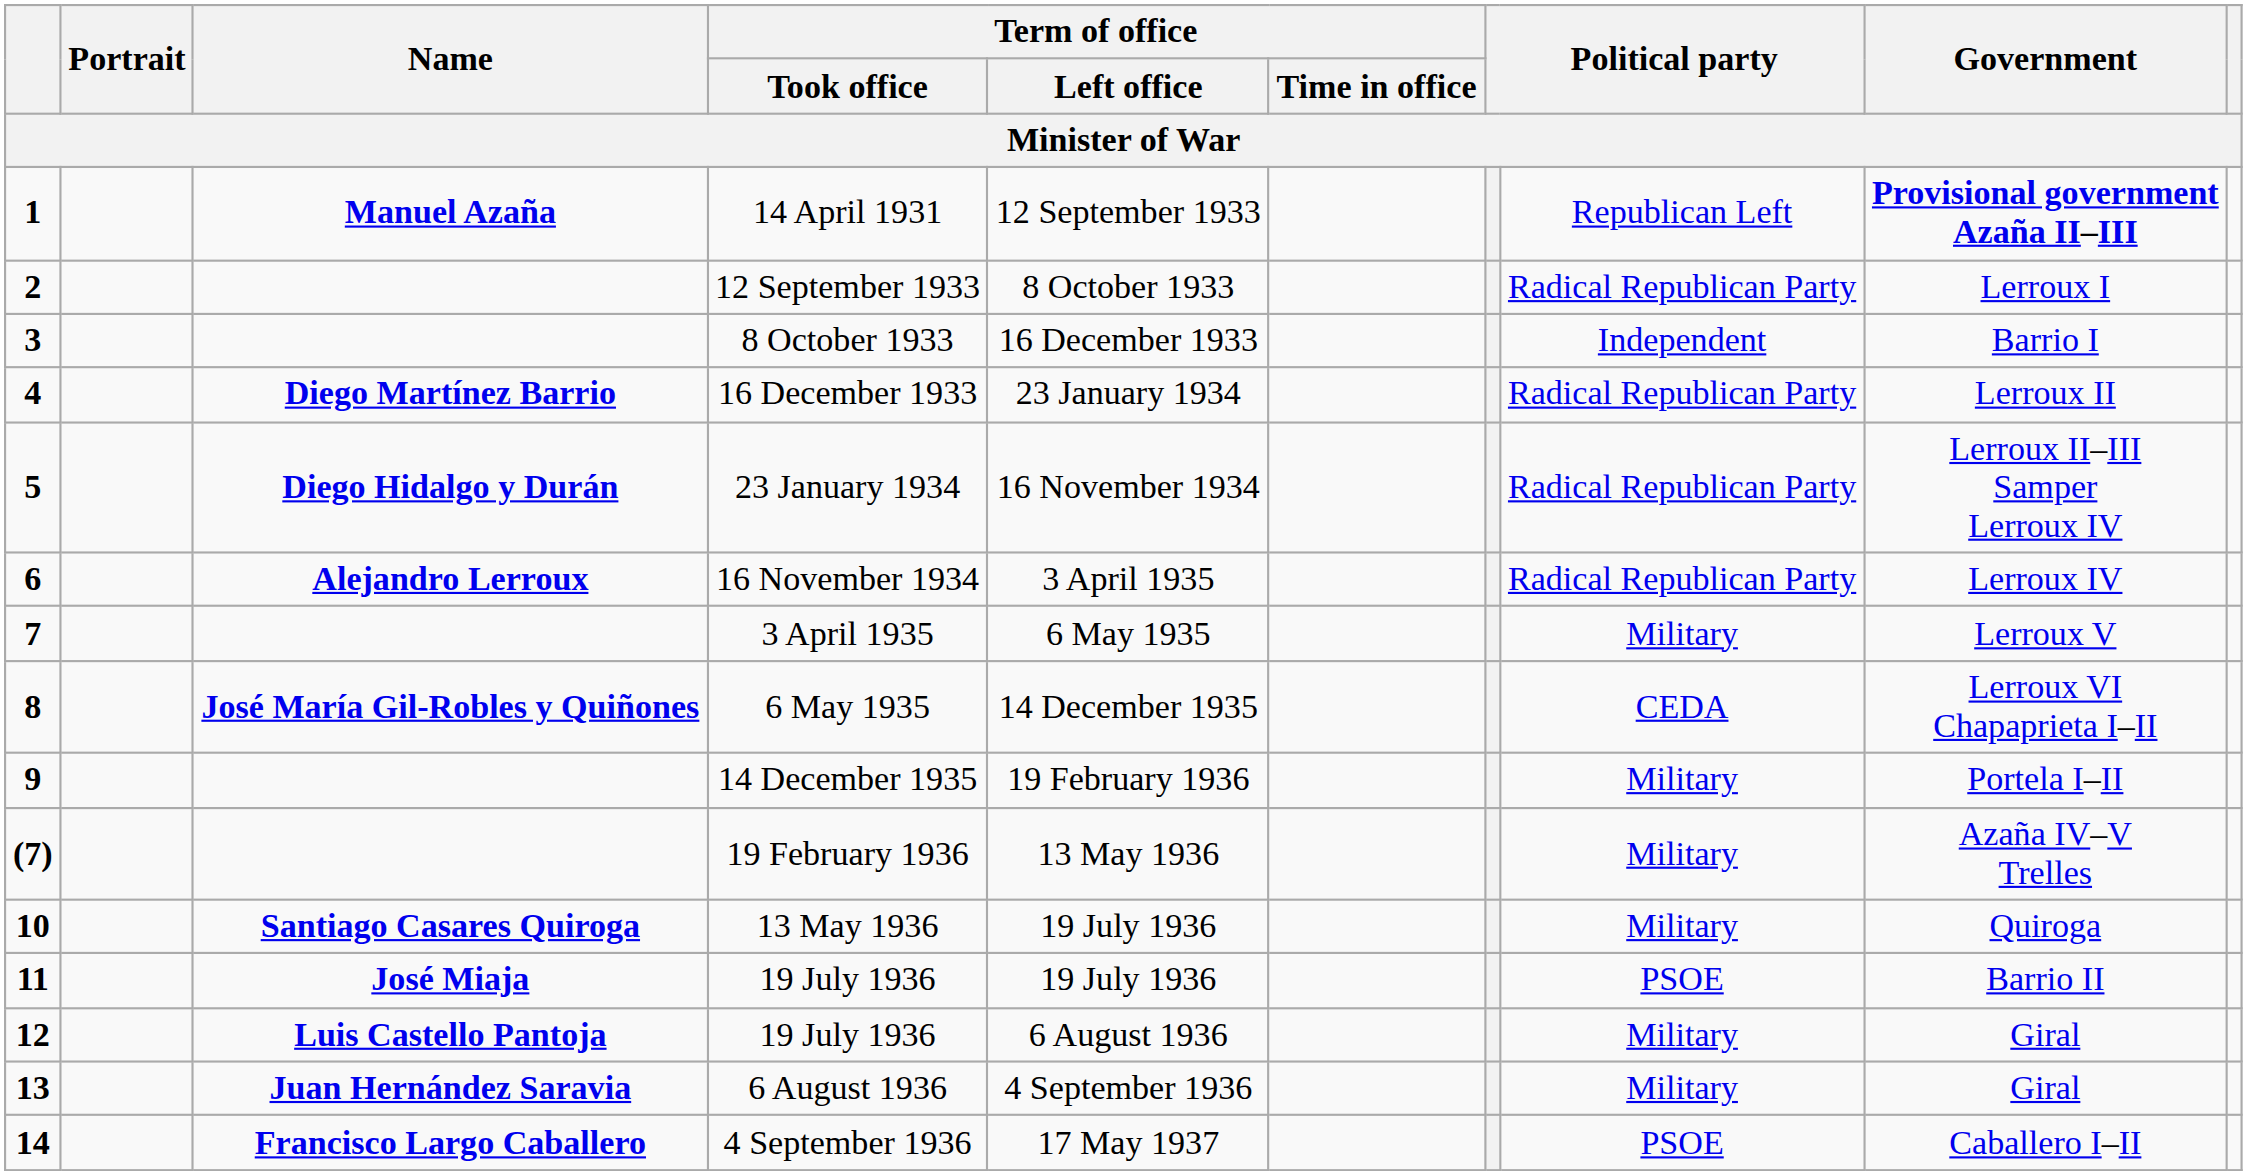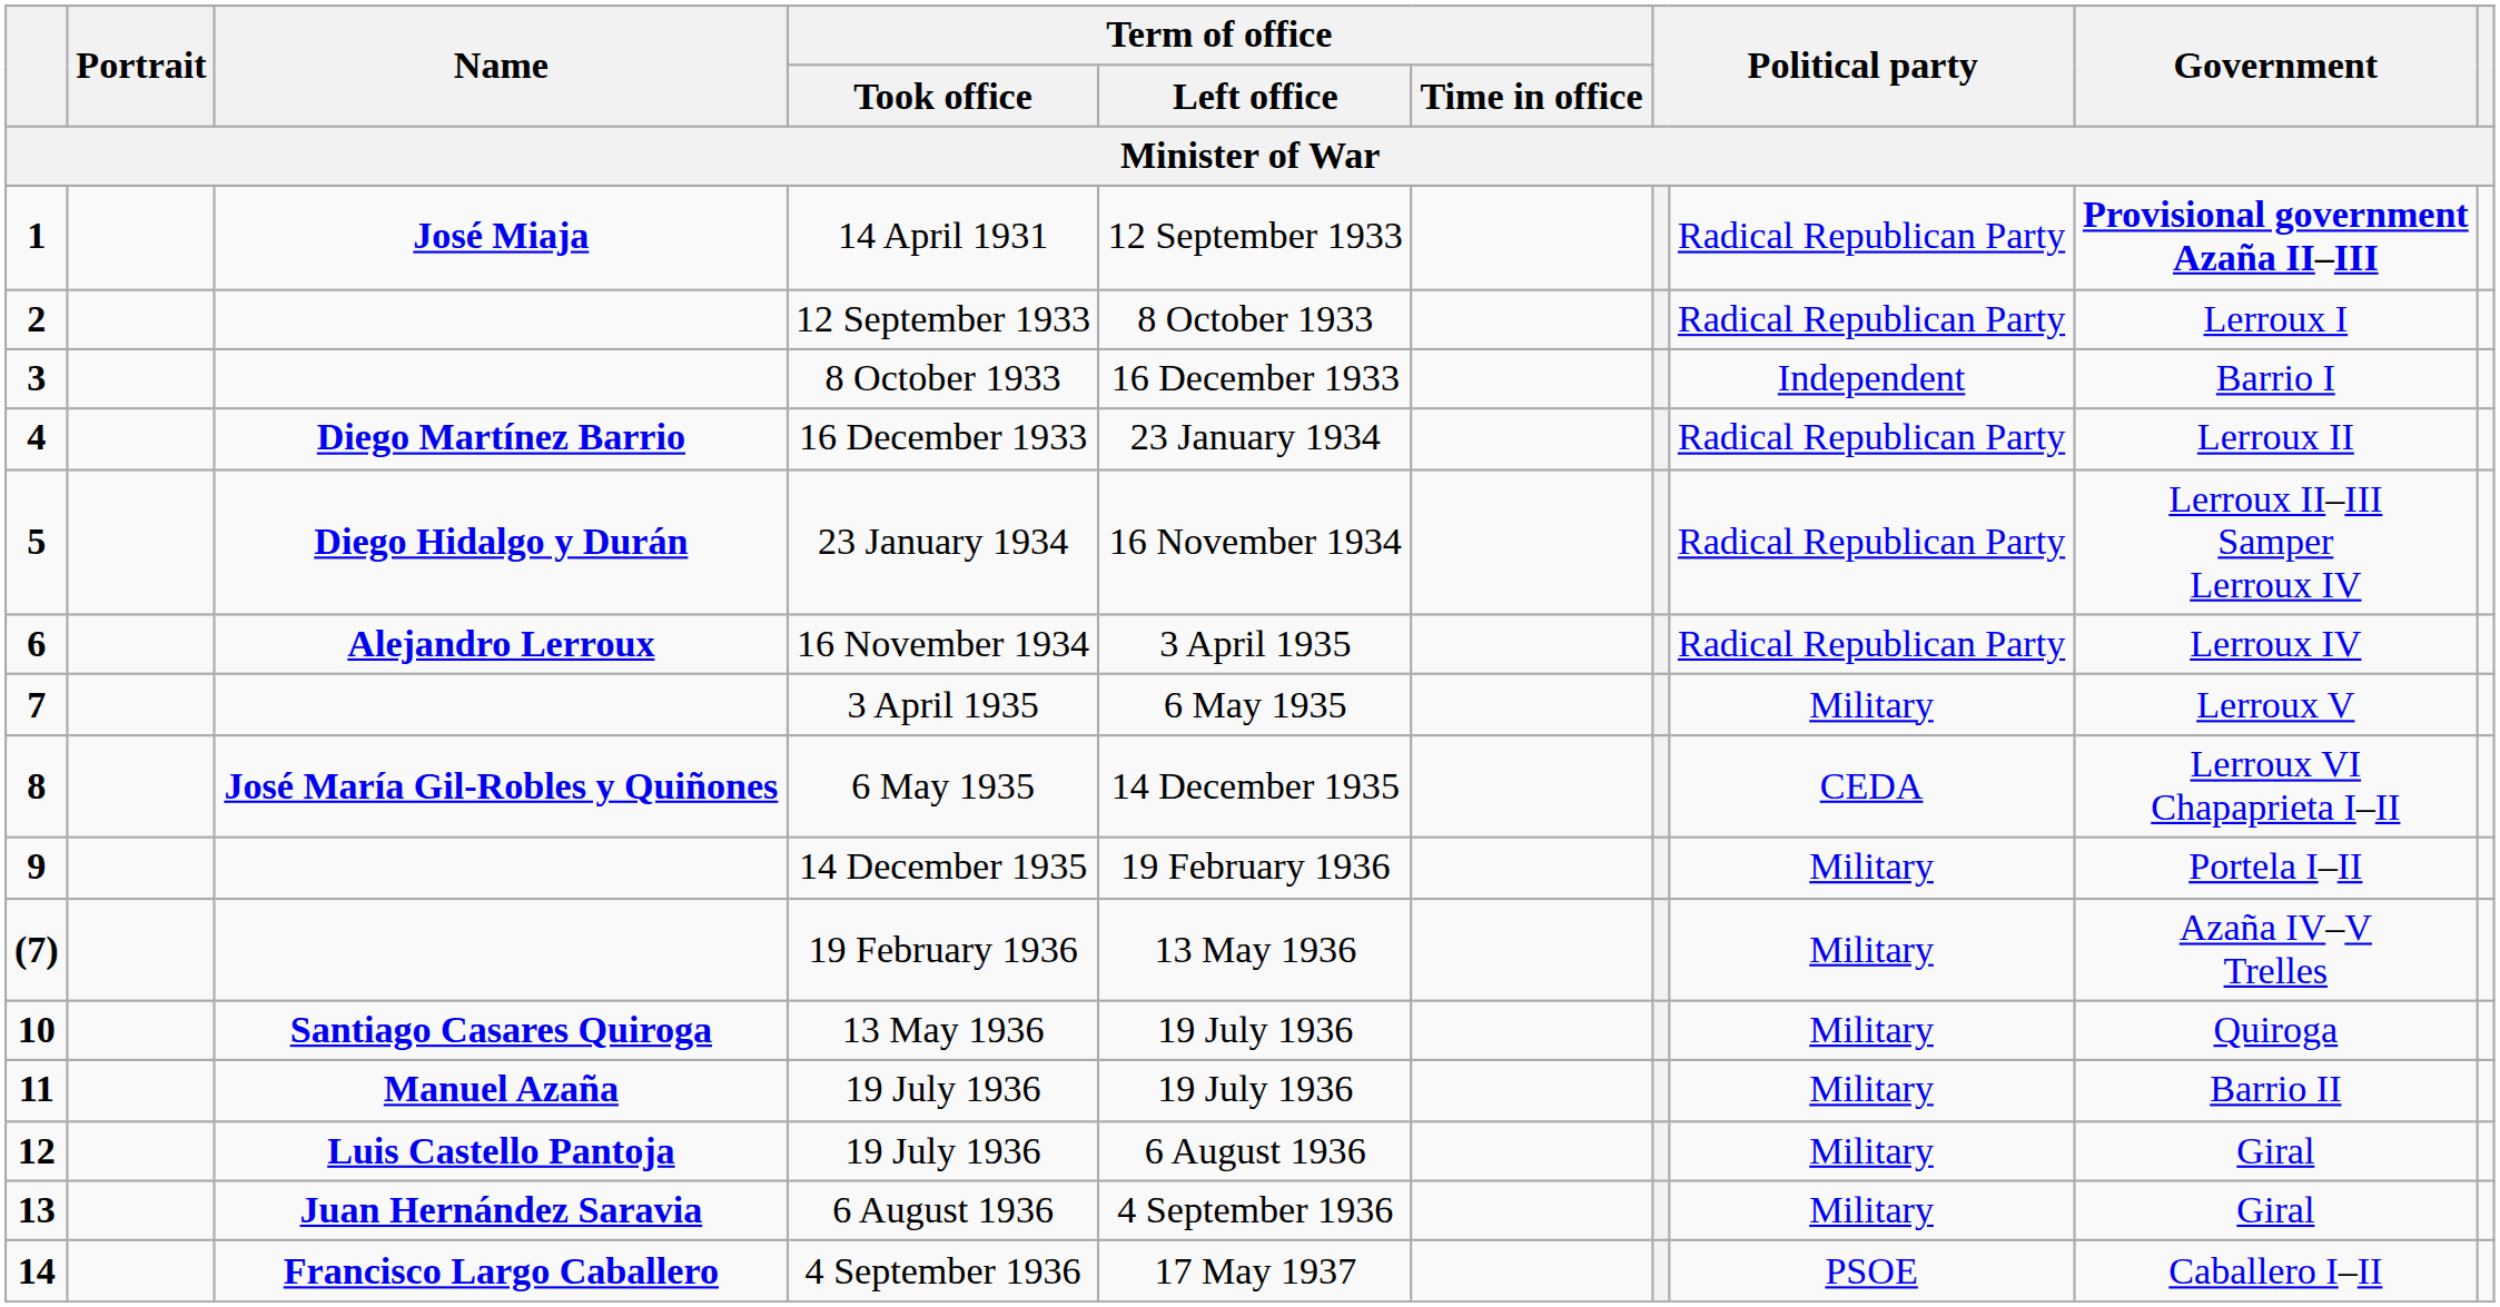 <table class="wikitable" style="text-align:center">
 <tr>
 <th rowspan=2></th>
 <th rowspan=2>Portrait</th>
 <th rowspan=2>Name<br></th>
 <th colspan=3>Term of office</th>
 <th colspan=2 rowspan=2>Political party</th>
 <th rowspan=2>Government</th>
 <th rowspan=2></th>
 </tr>
 <tr>
 <th>Took office</th>
 <th>Left office</th>
 <th>Time in office</th>
 </tr>
 <tr>
 <th colspan=10>Minister of War</th>
 </tr>
 <tr>
 <td><strong>1</strong></td>
 <td></td>
-<td><strong><a href='#'>Manuel Azaña</a></strong><br></td>
+<td><strong><a href='#'>José Miaja</a></strong><br></td>
 <td>14 April 1931</td>
 <td>12 September 1933</td>
 <td></td>
 <th style="background:"></th>
-<td><a href='#'>Republican Left</a></td>
+<td><a href='#'>Radical Republican Party</a></td>
 <td><strong><a href='#'>Provisional government</a><br><a href='#'>Azaña II</a>–<a href='#'>III</a></strong></td>
 <td></td>
 </tr>
 <tr>
 <td><strong>2</strong></td>
 <td></td>
 <td><strong></strong><br></td>
 <td>12 September 1933</td>
 <td>8 October 1933</td>
 <td></td>
 <th style="background:"></th>
 <td><a href='#'>Radical Republican Party</a></td>
 <td><a href='#'>Lerroux I</a></td>
 <td></td>
 </tr>
 <tr>
 <td><strong>3</strong></td>
 <td></td>
 <td><strong></strong><br></td>
 <td>8 October 1933</td>
 <td>16 December 1933</td>
 <td></td>
 <th style="background:"></th>
 <td><a href='#'>Independent</a></td>
 <td><a href='#'>Barrio I</a></td>
 <td></td>
 </tr>
 <tr>
 <td><strong>4</strong></td>
 <td></td>
 <td><strong><a href='#'>Diego Martínez Barrio</a></strong><br></td>
 <td>16 December 1933</td>
 <td>23 January 1934</td>
 <td></td>
 <th style="background:"></th>
 <td><a href='#'>Radical Republican Party</a></td>
 <td><a href='#'>Lerroux II</a></td>
 <td></td>
 </tr>
 <tr>
 <td><strong>5</strong></td>
 <td></td>
 <td><strong><a href='#'>Diego Hidalgo y Durán</a></strong><br></td>
 <td>23 January 1934</td>
 <td>16 November 1934</td>
 <td></td>
 <th style="background:"></th>
 <td><a href='#'>Radical Republican Party</a></td>
 <td><a href='#'>Lerroux II</a>–<a href='#'>III</a><br><a href='#'>Samper</a><br><a href='#'>Lerroux IV</a></td>
 <td></td>
 </tr>
 <tr>
 <td><strong>6</strong></td>
 <td></td>
 <td><strong><a href='#'>Alejandro Lerroux</a></strong><br></td>
 <td>16 November 1934</td>
 <td>3 April 1935</td>
 <td></td>
 <th style="background:"></th>
 <td><a href='#'>Radical Republican Party</a></td>
 <td><a href='#'>Lerroux IV</a></td>
 <td></td>
 </tr>
 <tr>
 <td><strong>7</strong></td>
 <td></td>
 <td><strong></strong><br></td>
 <td>3 April 1935</td>
 <td>6 May 1935</td>
 <td></td>
 <th style="background:"></th>
 <td><a href='#'>Military</a></td>
 <td><a href='#'>Lerroux V</a></td>
 <td></td>
 </tr>
 <tr>
 <td><strong>8</strong></td>
 <td></td>
 <td><strong><a href='#'>José María Gil-Robles y Quiñones</a></strong><br></td>
 <td>6 May 1935</td>
 <td>14 December 1935</td>
 <td></td>
 <th style="background:"></th>
 <td><a href='#'>CEDA</a></td>
 <td><a href='#'>Lerroux VI</a><br><a href='#'>Chapaprieta I</a>–<a href='#'>II</a></td>
 <td></td>
 </tr>
 <tr>
 <td><strong>9</strong></td>
 <td></td>
 <td><strong></strong><br></td>
 <td>14 December 1935</td>
 <td>19 February 1936</td>
 <td></td>
 <th style="background:"></th>
 <td><a href='#'>Military</a></td>
 <td><a href='#'>Portela I</a>–<a href='#'>II</a></td>
 <td></td>
 </tr>
 <tr>
 <td><strong>(7)</strong></td>
 <td></td>
 <td><strong></strong><br></td>
 <td>19 February 1936</td>
 <td>13 May 1936</td>
 <td></td>
 <th style="background:"></th>
 <td><a href='#'>Military</a></td>
 <td><a href='#'>Azaña IV</a>–<a href='#'>V</a><br><a href='#'>Trelles</a></td>
 <td></td>
 </tr>
 <tr>
 <td><strong>10</strong></td>
 <td></td>
 <td><strong><a href='#'>Santiago Casares Quiroga</a></strong><br></td>
 <td>13 May 1936</td>
 <td>19 July 1936</td>
 <td></td>
 <th style="background:"></th>
 <td><a href='#'>Military</a></td>
 <td><a href='#'>Quiroga</a></td>
 <td></td>
 </tr>
 <tr>
 <td><strong>11</strong></td>
 <td></td>
-<td><strong><a href='#'>José Miaja</a></strong><br></td>
+<td><strong><a href='#'>Manuel Azaña</a></strong><br></td>
 <td>19 July 1936</td>
 <td>19 July 1936</td>
 <td></td>
 <th style="background:"></th>
-<td><a href='#'>PSOE</a></td>
+<td><a href='#'>Military</a></td>
 <td><a href='#'>Barrio II</a></td>
 <td></td>
 </tr>
 <tr>
 <td><strong>12</strong></td>
 <td></td>
 <td><strong><a href='#'>Luis Castello Pantoja</a></strong><br></td>
 <td>19 July 1936</td>
 <td>6 August 1936</td>
 <td></td>
 <th style="background:"></th>
 <td><a href='#'>Military</a></td>
 <td><a href='#'>Giral</a></td>
 <td></td>
 </tr>
 <tr>
 <td><strong>13</strong></td>
 <td></td>
 <td><strong><a href='#'>Juan Hernández Saravia</a></strong><br></td>
 <td>6 August 1936</td>
 <td>4 September 1936</td>
 <td></td>
 <th style="background:"></th>
 <td><a href='#'>Military</a></td>
 <td><a href='#'>Giral</a></td>
 <td></td>
 </tr>
 <tr>
 <td><strong>14</strong></td>
 <td></td>
 <td><strong><a href='#'>Francisco Largo Caballero</a></strong><br></td>
 <td>4 September 1936</td>
 <td>17 May 1937</td>
 <td></td>
 <th style="background:"></th>
 <td><a href='#'>PSOE</a></td>
 <td><a href='#'>Caballero I</a>–<a href='#'>II</a></td>
 <td></td>
 </tr>
 </table>
